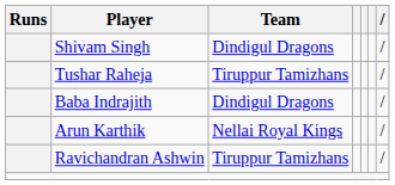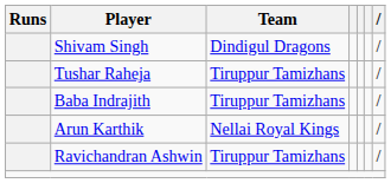 <table class="wikitable" style="text-align:left;font-size:90%;">
 <tr>
 <th>Runs</th>
 <th>Player</th>
 <th>Team</th>
 <th></th>
 <th></th>
 <th></th>
 <th>/</th>
 </tr>
 <tr>
 <th></th>
 <td> <a href='#'>Shivam Singh</a></td>
 <td><a href='#'>Dindigul Dragons</a></td>
 <td></td>
 <td></td>
 <td></td>
 <td>/</td>
 </tr>
 <tr>
 <th></th>
 <td> <a href='#'>Tushar Raheja</a></td>
 <td><a href='#'>Tiruppur Tamizhans</a></td>
 <td></td>
 <td></td>
 <td></td>
 <td>/</td>
 </tr>
 <tr>
 <th></th>
 <td> <a href='#'>Baba Indrajith</a></td>
-<td><a href='#'>Dindigul Dragons</a></td>
+<td><a href='#'>Tiruppur Tamizhans</a></td>
 <td></td>
 <td></td>
 <td></td>
 <td>/</td>
 </tr>
 <tr>
 <th></th>
 <td> <a href='#'>Arun Karthik</a></td>
 <td><a href='#'>Nellai Royal Kings</a></td>
 <td></td>
 <td></td>
 <td></td>
 <td>/</td>
 </tr>
 <tr>
 <th></th>
 <td> <a href='#'>Ravichandran Ashwin</a></td>
 <td><a href='#'>Tiruppur Tamizhans</a></td>
 <td></td>
 <td></td>
 <td></td>
 <td>/</td>
 </tr>
 <tr>
 <td colspan="14"><small></small></td>
 </tr>
 </table>
